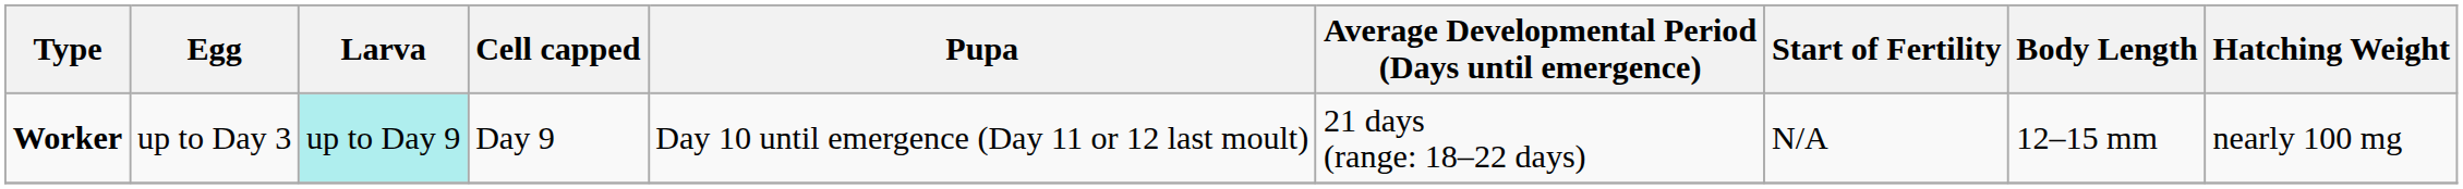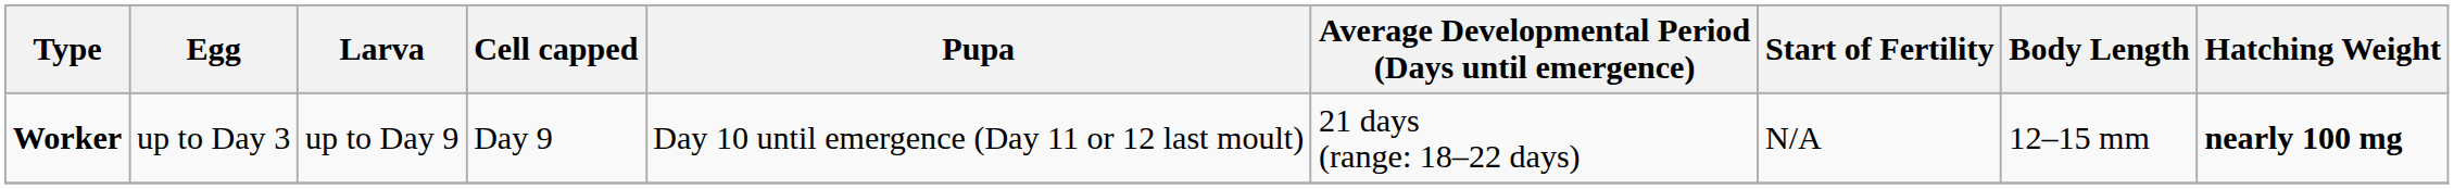 <table class="wikitable">
 <tr>
 <th>Type</th>
 <th>Egg</th>
 <th>Larva</th>
 <th>Cell capped</th>
 <th>Pupa</th>
 <th>Average Developmental Period<br>(Days until emergence)</th>
 <th>Start of Fertility</th>
 <th>Body Length</th>
 <th>Hatching Weight</th>
 </tr>
 <tr>
 <td><strong>Worker</strong></td>
 <td>up to Day 3</td>
-<td style="background: paleturquoise;">up to Day 9</td>
+<td>up to Day 9</td>
 <td>Day 9</td>
 <td>Day 10 until emergence (Day 11 or 12 last moult)</td>
 <td>21 days<br>(range: 18–22 days)</td>
 <td>N/A</td>
 <td>12–15 mm</td>
-<td>nearly 100 mg</td>
+<td><strong>nearly 100 mg</strong></td>
 </tr>
 <tr>
 </tr>
 </table>
